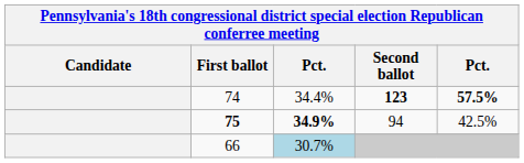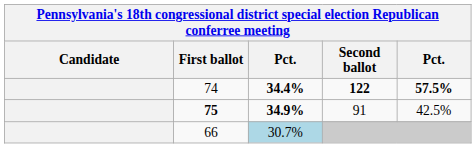 <table class="wikitable sortable plainrowheaders">
 <tr>
 <th colspan="11" ><a href='#'>Pennsylvania's 18th congressional district special election Republican conferree meeting</a></th>
 </tr>
 <tr style="background:#eee; text-align:center;">
 <th scope="col" style="width: 12em">Candidate</th>
 <th scope="col"  style="width: 5em">First ballot</th>
 <th scope="col"  style="width: 5em">Pct.</th>
 <th scope="col"  style="width: 5em">Second ballot</th>
 <th scope="col"  style="width: 5em">Pct.</th>
 </tr>
 <tr>
 <th scope="row"><strong></strong></th>
 <td style="text-align:center;">74</td>
-<td style="text-align:center;">34.4%</td>
-<td style="text-align:center;"><strong>123</strong></td>
+<td style="text-align:center;"><strong>34.4%</strong></td>
+<td style="text-align:center;"><strong>122</strong></td>
 <td style="text-align:center;"><strong>57.5%</strong></td>
 </tr>
 <tr>
 <th scope="row"></th>
 <td style="text-align:center;"><strong>75</strong></td>
 <td style="text-align:center;"><strong>34.9%</strong></td>
-<td style="text-align:center;">94</td>
+<td style="text-align:center;">91</td>
 <td style="text-align:center;">42.5%</td>
 </tr>
 <tr>
 <th scope="row"></th>
 <td style="text-align:center;">66</td>
 <td style="background: lightblue; text-align:center;">30.7%</td>
 <td colspan=2 style="text-align:center; background:#cbcbcb"><em></em></td>
 </tr>
 </table>
